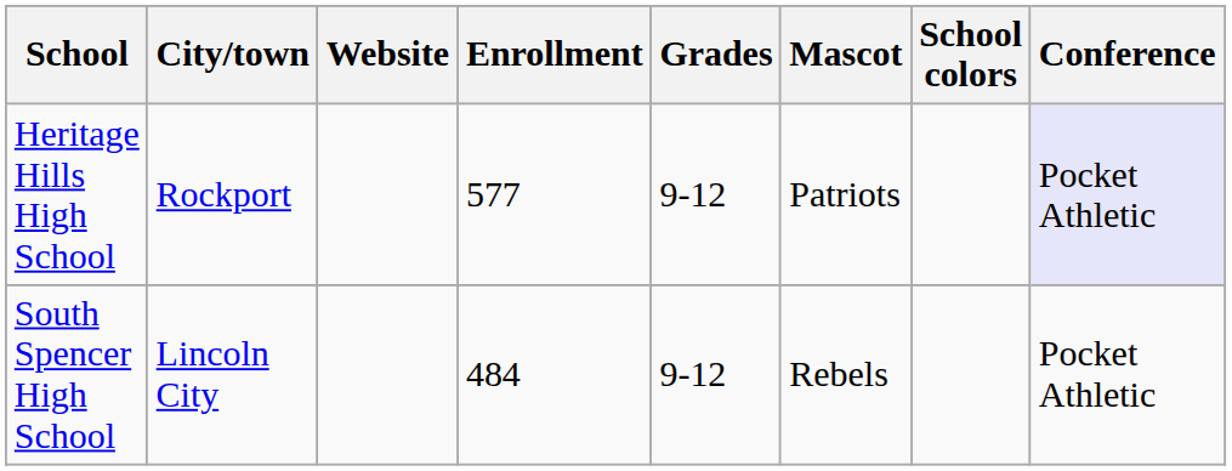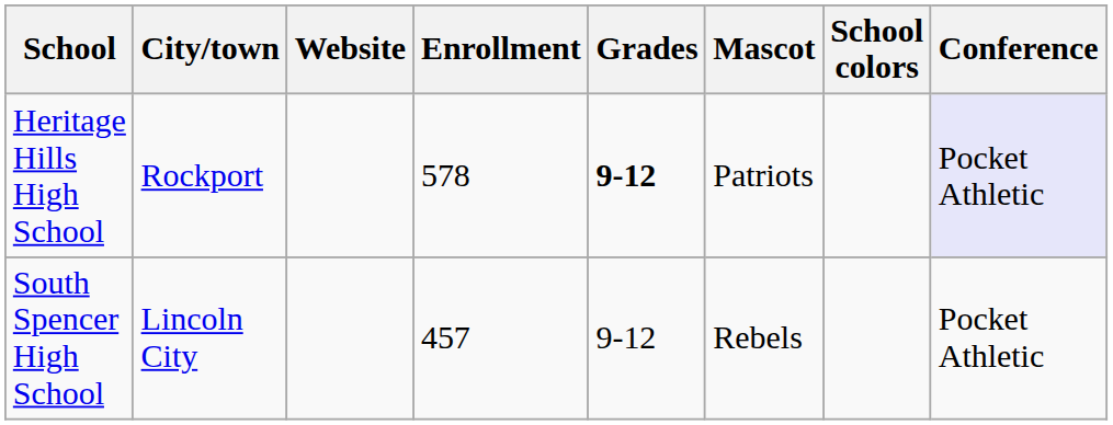 <table class="wikitable sortable" width="70%">
 <tr>
 <th width="20%">School</th>
 <th width="08%">City/town</th>
 <th width="06%">Website</th>
 <th width="04%">Enrollment</th>
 <th width="04%">Grades</th>
 <th width="04%">Mascot</th>
 <th width=01%>School colors</th>
 <th width="04%">Conference</th>
 </tr>
 <tr>
 <td><a href='#'>Heritage Hills High School</a></td>
 <td><a href='#'>Rockport</a></td>
 <td></td>
-<td>577</td>
-<td>9-12</td>
+<td>578</td>
+<td><strong>9-12</strong></td>
 <td>Patriots</td>
 <td>  </td>
 <td style="background: lavender;">Pocket Athletic</td>
 </tr>
 <tr>
 <td><a href='#'>South Spencer High School</a></td>
 <td><a href='#'>Lincoln City</a></td>
 <td></td>
-<td>484</td>
+<td>457</td>
 <td>9-12</td>
 <td>Rebels</td>
 <td> </td>
 <td>Pocket Athletic</td>
 </tr>
 </table>
